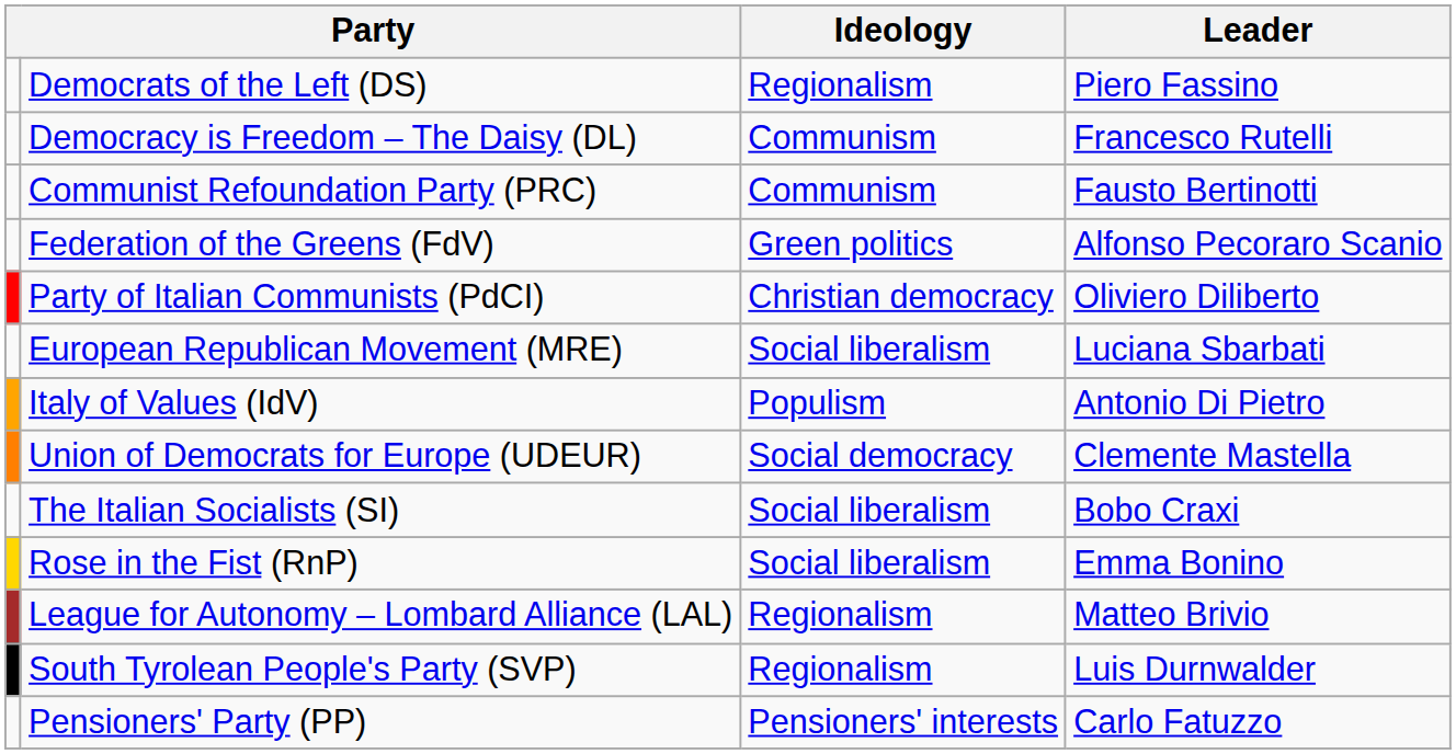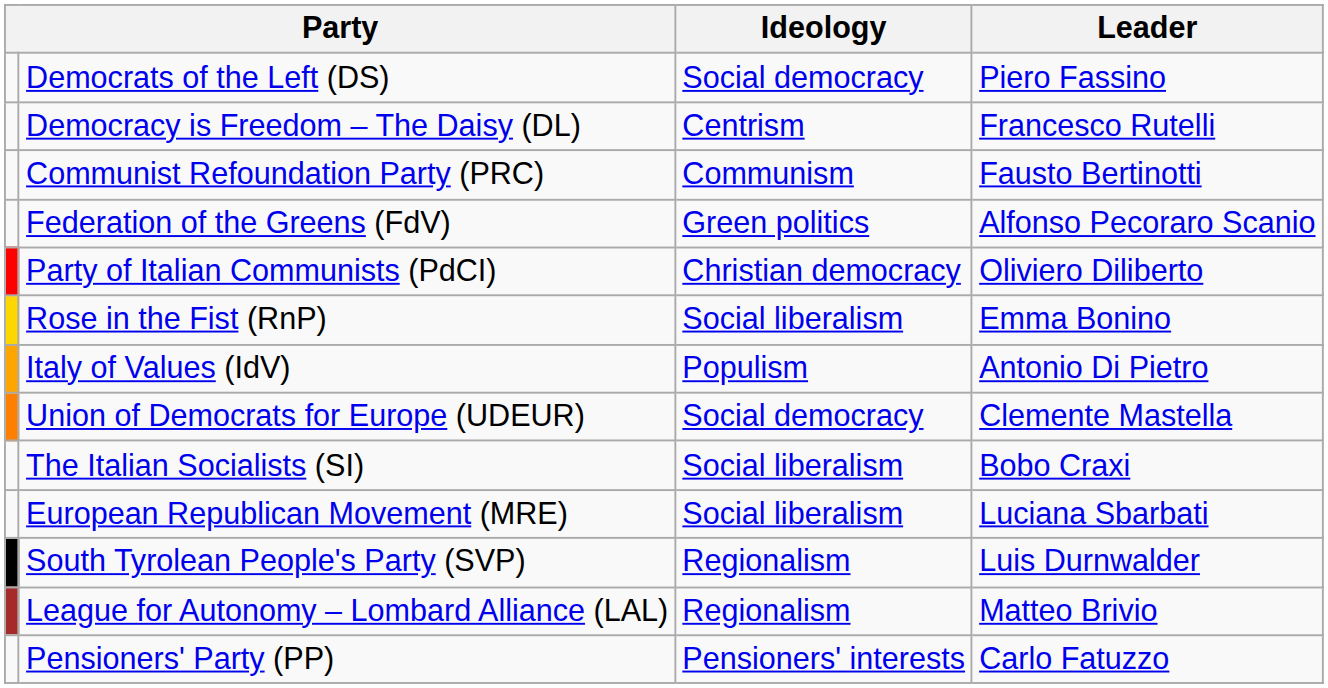 <table class=wikitable style=text-align:left>
 <tr>
 <th colspan=2>Party</th>
 <th>Ideology</th>
 <th>Leader</th>
 </tr>
 <tr>
 <td></td>
 <td><a href='#'>Democrats of the Left</a> (DS)</td>
-<td><a href='#'>Regionalism</a></td>
+<td><a href='#'>Social democracy</a></td>
 <td><a href='#'>Piero Fassino</a></td>
 </tr>
 <tr>
 <td></td>
 <td><a href='#'>Democracy is Freedom – The Daisy</a> (DL)</td>
-<td><a href='#'>Communism</a></td>
+<td><a href='#'>Centrism</a></td>
 <td><a href='#'>Francesco Rutelli</a></td>
 </tr>
 <tr>
 <td></td>
 <td><a href='#'>Communist Refoundation Party</a> (PRC)</td>
 <td><a href='#'>Communism</a></td>
 <td><a href='#'>Fausto Bertinotti</a></td>
 </tr>
 <tr>
 <td></td>
 <td><a href='#'>Federation of the Greens</a> (FdV)</td>
 <td><a href='#'>Green politics</a></td>
 <td><a href='#'>Alfonso Pecoraro Scanio</a></td>
 </tr>
 <tr>
 <td bgcolor="red"></td>
 <td><a href='#'>Party of Italian Communists</a> (PdCI)</td>
 <td><a href='#'>Christian democracy</a></td>
 <td><a href='#'>Oliviero Diliberto</a></td>
 </tr>
 <tr>
-<td></td>
-<td><a href='#'>European Republican Movement</a> (MRE)</td>
+<td bgcolor="gold"></td>
+<td><a href='#'>Rose in the Fist</a> (RnP)</td>
 <td><a href='#'>Social liberalism</a></td>
-<td><a href='#'>Luciana Sbarbati</a></td>
+<td><a href='#'>Emma Bonino</a></td>
 </tr>
 <tr>
 <td bgcolor="orange"></td>
 <td><a href='#'>Italy of Values</a> (IdV)</td>
 <td><a href='#'>Populism</a></td>
 <td><a href='#'>Antonio Di Pietro</a></td>
 </tr>
 <tr>
 <td bgcolor="#FF7F00"></td>
 <td><a href='#'>Union of Democrats for Europe</a> (UDEUR)</td>
 <td><a href='#'>Social democracy</a></td>
 <td><a href='#'>Clemente Mastella</a></td>
 </tr>
 <tr>
 <td></td>
 <td><a href='#'>The Italian Socialists</a> (SI)</td>
 <td><a href='#'>Social liberalism</a></td>
 <td><a href='#'>Bobo Craxi</a></td>
 </tr>
 <tr>
-<td bgcolor="gold"></td>
-<td><a href='#'>Rose in the Fist</a> (RnP)</td>
+<td></td>
+<td><a href='#'>European Republican Movement</a> (MRE)</td>
 <td><a href='#'>Social liberalism</a></td>
-<td><a href='#'>Emma Bonino</a></td>
+<td><a href='#'>Luciana Sbarbati</a></td>
+</tr>
+<tr>
+<td bgcolor="black"></td>
+<td><a href='#'>South Tyrolean People's Party</a> (SVP)</td>
+<td><a href='#'>Regionalism</a></td>
+<td><a href='#'>Luis Durnwalder</a></td>
 </tr>
 <tr>
 <td bgcolor="brown"></td>
 <td><a href='#'>League for Autonomy – Lombard Alliance</a> (LAL)</td>
 <td><a href='#'>Regionalism</a></td>
 <td><a href='#'>Matteo Brivio</a></td>
 </tr>
 <tr>
-<td bgcolor="black"></td>
-<td><a href='#'>South Tyrolean People's Party</a> (SVP)</td>
-<td><a href='#'>Regionalism</a></td>
-<td><a href='#'>Luis Durnwalder</a></td>
-</tr>
-<tr>
 <td></td>
 <td><a href='#'>Pensioners' Party</a> (PP)</td>
 <td><a href='#'>Pensioners' interests</a></td>
 <td><a href='#'>Carlo Fatuzzo</a></td>
 </tr>
 </table>
